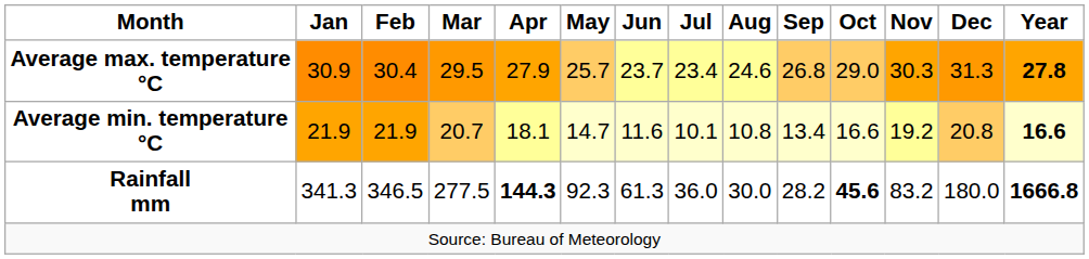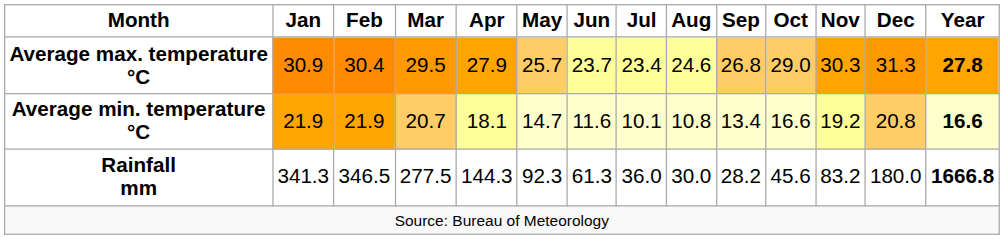 <table class="wikitable">
 <tr>
 <th style="background:#FFFFFF; height:17;">Month</th>
 <th style="background:#FFFFFF">Jan</th>
 <th style="background:#FFFFFF">Feb</th>
 <th style="background:#FFFFFF">Mar</th>
 <th style="background:#FFFFFF">Apr</th>
 <th style="background:#FFFFFF">May</th>
 <th style="background:#FFFFFF">Jun</th>
 <th style="background:#FFFFFF">Jul</th>
 <th style="background:#FFFFFF">Aug</th>
 <th style="background:#FFFFFF">Sep</th>
 <th style="background:#FFFFFF">Oct</th>
 <th style="background:#FFFFFF">Nov</th>
 <th style="background:#FFFFFF">Dec</th>
 <th style="background:#FFFFFF">Year</th>
 </tr>
 <tr Align="center">
 <th style="background:#FFFFFF; height:16;">Average max. temperature<br>°C</th>
 <td style="background: #FF8C00;">30.9</td>
 <td style="background: #FF8C00;">30.4</td>
 <td style="background: #FF9900;">29.5</td>
 <td style="background: #FFA500;">27.9</td>
 <td style="background: #FFCC66;">25.7</td>
 <td style="background: #FFFF99;">23.7</td>
 <td style="background: #FFFF99;">23.4</td>
 <td style="background: #FFFF99;">24.6</td>
 <td style="background: #FFCC66;">26.8</td>
 <td style="background: #FFCC66;">29.0</td>
 <td style="background: #FFA500;">30.3</td>
 <td style="background: #FF9900;">31.3</td>
 <td style="background: #FFA500;"><strong>27.8</strong></td>
 </tr>
 <tr Align="center">
 <th style="background:#FFFFFF">Average min. temperature<br>°C</th>
 <td style="background: #FFA500;">21.9</td>
 <td style="background: #FFA500;">21.9</td>
 <td style="background: #FFCC66;">20.7</td>
 <td style="background: #FFFF99;">18.1</td>
 <td style="background: #FFFFCC;">14.7</td>
 <td style="background: #FFFFCC;">11.6</td>
 <td style="background: #FFFFCC;">10.1</td>
 <td style="background: #FFFFCC;">10.8</td>
 <td style="background: #FFFFCC;">13.4</td>
 <td style="background: #FFFFCC;">16.6</td>
 <td style="background: #FFFF99;">19.2</td>
 <td style="background: #FFCC66;">20.8</td>
 <td style="background: #FFFFCC;"><strong>16.6</strong></td>
 </tr>
 <tr Align="center">
 <th style="background:#FFFFFF">Rainfall<br>mm</th>
 <td style="background:  #FFFFFF;">341.3</td>
 <td style="background: #FFFFFF;">346.5</td>
 <td style="background: #FFFFFF;">277.5</td>
-<td style="background: #FFFFFF;"><strong>144.3</strong></td>
+<td style="background: #FFFFFF;">144.3</td>
 <td style="background: #FFFFFF;">92.3</td>
 <td style="background: #FFFFFF;">61.3</td>
 <td style="background: #FFFFFF;">36.0</td>
 <td style="background: #FFFFFF;">30.0</td>
 <td style="background: #FFFFFF;">28.2</td>
-<td style="background: #FFFFFF;"><strong>45.6</strong></td>
+<td style="background: #FFFFFF;">45.6</td>
 <td style="background: #FFFFFF;">83.2</td>
 <td style="background: #FFFFFF;">180.0</td>
 <td style="background: #FFFFFF;"><strong>1666.8</strong></td>
 </tr>
 <tr>
 <td colspan="14" style="text-align:center;font-size:90%;"><small>Source: Bureau of Meteorology</small></td>
 </tr>
 </table>
